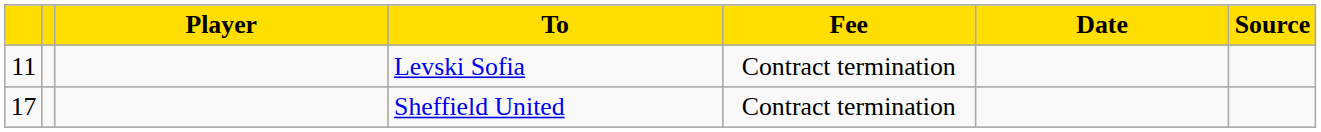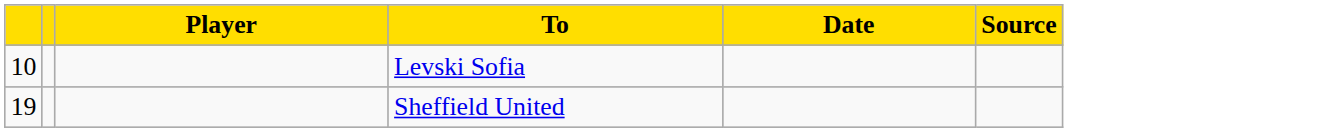 <table class="wikitable sortable">
 <tr>
 <th style="background:#FFDE00"></th>
 <th style="background:#FFDE00"></th>
 <th width=200 style="background:#FFDE00">Player</th>
 <th width=200 style="background:#FFDE00">To</th>
-<th width=150 style="background:#FFDE00">Fee</th>
 <th width=150 style="background:#FFDE00">Date</th>
 <th style="background:#FFDE00">Source</th>
 </tr>
 <tr>
-<td align=center>11</td>
+<td align=center>10</td>
 <td align=center></td>
 <td></td>
 <td> <a href='#'>Levski Sofia</a></td>
-<td align=center>Contract termination</td>
 <td align=center></td>
 <td align=center></td>
 </tr>
 <tr>
-<td align=center>17</td>
+<td align=center>19</td>
 <td align=center></td>
 <td></td>
 <td> <a href='#'>Sheffield United</a></td>
-<td align=center>Contract termination</td>
 <td align=center></td>
 <td align=center></td>
 </tr>
 </table>
